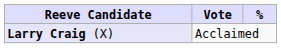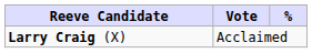 <table class="wikitable">
 <tr>
 <th style="background:#ddf; width:200px;">Reeve Candidate</th>
 <th style="background:#ddf; width:50px;">Vote</th>
 <th style="background:#ddf; width:30px;">%</th>
 </tr>
 <tr>
-<td style="background: lavender;"><strong>Larry Craig</strong> (X)</td>
+<td><strong>Larry Craig</strong> (X)</td>
 <td colspan="2">Acclaimed</td>
 </tr>
 </table>
